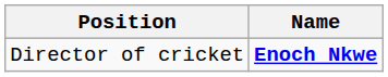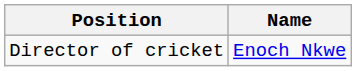 <table class="wikitable">
 <tr>
 <th>Position</th>
 <th>Name</th>
 </tr>
 <tr>
 <td>Director of cricket</td>
-<td><strong><a href='#'>Enoch Nkwe</a></strong></td>
+<td><a href='#'>Enoch Nkwe</a></td>
 </tr>
 </table>
